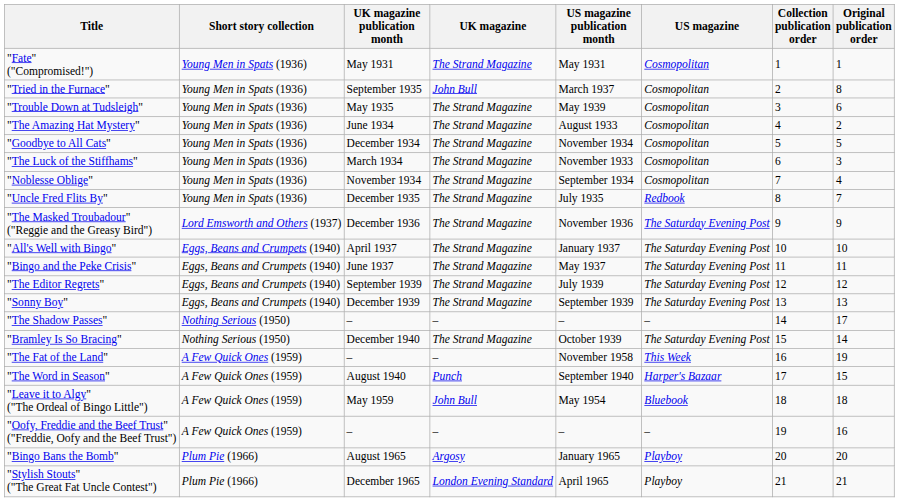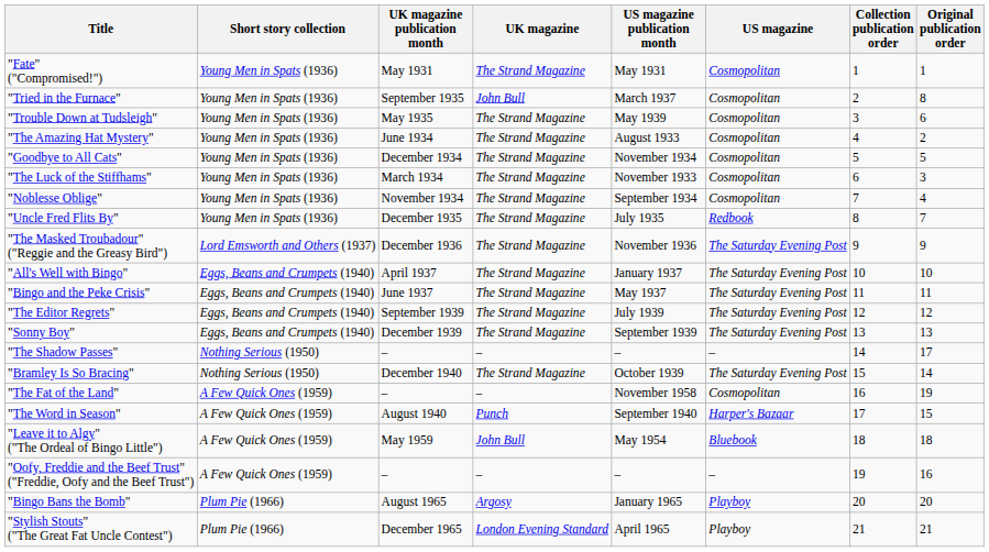 <table class="wikitable sortable">
 <tr>
 <th>Title</th>
 <th>Short story collection</th>
 <th style="width: 7em;">UK magazine publication month</th>
 <th>UK magazine</th>
 <th style="width: 7em;">US magazine publication month</th>
 <th>US magazine</th>
 <th style="width: 1em;">Collection publication order</th>
 <th style="width: 1em;">Original publication order</th>
 </tr>
 <tr>
 <td>"<a href='#'>Fate</a>"<br>("Compromised!")</td>
 <td data-sort-value="1936"><em><a href='#'>Young Men in Spats</a></em> (1936)</td>
 <td data-sort-value="1931-05">May 1931</td>
 <td data-sort-value="Strand"><em><a href='#'>The Strand Magazine</a></em></td>
 <td data-sort-value="1931-05">May 1931</td>
 <td><em><a href='#'>Cosmopolitan</a></em></td>
 <td>1</td>
 <td>1</td>
 </tr>
 <tr>
 <td>"<a href='#'>Tried in the Furnace</a>"</td>
 <td data-sort-value="1936"><em>Young Men in Spats</em> (1936)</td>
 <td data-sort-value="1935-09">September 1935</td>
 <td><em><a href='#'>John Bull</a></em></td>
 <td data-sort-value="1937-03">March 1937</td>
 <td><em>Cosmopolitan</em></td>
 <td>2</td>
 <td>8</td>
 </tr>
 <tr>
 <td>"<a href='#'>Trouble Down at Tudsleigh</a>"</td>
 <td data-sort-value="1936"><em>Young Men in Spats</em> (1936)</td>
 <td data-sort-value="1935-05">May 1935</td>
 <td data-sort-value="Strand"><em>The Strand Magazine</em></td>
 <td data-sort-value="1939-05">May 1939</td>
 <td><em>Cosmopolitan</em></td>
 <td>3</td>
 <td>6</td>
 </tr>
 <tr>
 <td>"<a href='#'>The Amazing Hat Mystery</a>"</td>
 <td data-sort-value="1936"><em>Young Men in Spats</em> (1936)</td>
 <td data-sort-value="1934-06">June 1934</td>
 <td data-sort-value="Strand"><em>The Strand Magazine</em></td>
 <td data-sort-value="1933-08">August 1933</td>
 <td><em>Cosmopolitan</em></td>
 <td>4</td>
 <td>2</td>
 </tr>
 <tr>
 <td>"<a href='#'>Goodbye to All Cats</a>"</td>
 <td data-sort-value="1936"><em>Young Men in Spats</em> (1936)</td>
 <td data-sort-value="1934-12">December 1934</td>
 <td data-sort-value="Strand"><em>The Strand Magazine</em></td>
 <td data-sort-value="1934-11">November 1934</td>
 <td><em>Cosmopolitan</em></td>
 <td>5</td>
 <td>5</td>
 </tr>
 <tr>
 <td>"<a href='#'>The Luck of the Stiffhams</a>"</td>
 <td data-sort-value="1936"><em>Young Men in Spats</em> (1936)</td>
 <td data-sort-value="1934-03">March 1934</td>
 <td data-sort-value="Strand"><em>The Strand Magazine</em></td>
 <td data-sort-value="1933-11">November 1933</td>
 <td><em>Cosmopolitan</em></td>
 <td>6</td>
 <td>3</td>
 </tr>
 <tr>
 <td>"<a href='#'>Noblesse Oblige</a>"</td>
 <td data-sort-value="1936"><em>Young Men in Spats</em> (1936)</td>
 <td data-sort-value="1934-11">November 1934</td>
 <td data-sort-value="Strand"><em>The Strand Magazine</em></td>
 <td data-sort-value="1934-09">September 1934</td>
 <td><em>Cosmopolitan</em></td>
 <td>7</td>
 <td>4</td>
 </tr>
 <tr>
 <td>"<a href='#'>Uncle Fred Flits By</a>"</td>
 <td data-sort-value="1936"><em>Young Men in Spats</em> (1936)</td>
 <td data-sort-value="1935-12">December 1935</td>
 <td data-sort-value="Strand"><em>The Strand Magazine</em></td>
 <td data-sort-value="1935-07">July 1935</td>
 <td><em><a href='#'>Redbook</a></em></td>
 <td>8</td>
 <td>7</td>
 </tr>
 <tr>
 <td>"<a href='#'>The Masked Troubadour</a>"<br>("Reggie and the Greasy Bird")</td>
 <td data-sort-value="1937"><em><a href='#'>Lord Emsworth and Others</a></em> (1937)</td>
 <td data-sort-value="1936-12">December 1936</td>
 <td data-sort-value="Strand"><em>The Strand Magazine</em></td>
 <td data-sort-value="1936-11">November 1936</td>
 <td data-sort-value="Saturday"><em><a href='#'>The Saturday Evening Post</a></em></td>
 <td>9</td>
 <td>9</td>
 </tr>
 <tr>
 <td>"<a href='#'>All's Well with Bingo</a>"</td>
 <td data-sort-value="1940"><em><a href='#'>Eggs, Beans and Crumpets</a></em> (1940)</td>
 <td data-sort-value="1937-04">April 1937</td>
 <td data-sort-value="Strand"><em>The Strand Magazine</em></td>
 <td data-sort-value="1937-01">January 1937</td>
 <td data-sort-value="Saturday"><em>The Saturday Evening Post</em></td>
 <td>10</td>
 <td>10</td>
 </tr>
 <tr>
 <td>"<a href='#'>Bingo and the Peke Crisis</a>"</td>
 <td data-sort-value="1940"><em>Eggs, Beans and Crumpets</em> (1940)</td>
 <td data-sort-value="1937-06">June 1937</td>
 <td data-sort-value="Strand"><em>The Strand Magazine</em></td>
 <td data-sort-value="1937-05">May 1937</td>
 <td data-sort-value="Saturday"><em>The Saturday Evening Post</em></td>
 <td>11</td>
 <td>11</td>
 </tr>
 <tr>
 <td>"<a href='#'>The Editor Regrets</a>"</td>
 <td data-sort-value="1940"><em>Eggs, Beans and Crumpets</em> (1940)</td>
 <td data-sort-value="1939-09">September 1939</td>
 <td data-sort-value="Strand"><em>The Strand Magazine</em></td>
 <td data-sort-value="1939-07">July 1939</td>
 <td data-sort-value="Saturday"><em>The Saturday Evening Post</em></td>
 <td>12</td>
 <td>12</td>
 </tr>
 <tr>
 <td>"<a href='#'>Sonny Boy</a>"</td>
 <td data-sort-value="1940"><em>Eggs, Beans and Crumpets</em> (1940)</td>
 <td data-sort-value="1939-12">December 1939</td>
 <td data-sort-value="Strand"><em>The Strand Magazine</em></td>
 <td data-sort-value="1939-09">September 1939</td>
 <td data-sort-value="Saturday"><em>The Saturday Evening Post</em></td>
 <td>13</td>
 <td>13</td>
 </tr>
 <tr>
 <td>"<a href='#'>The Shadow Passes</a>"</td>
 <td data-sort-value="1950"><em><a href='#'>Nothing Serious</a></em> (1950)</td>
 <td data-sort-value="9999">–</td>
 <td data-sort-value="zz">–</td>
 <td data-sort-value="9999">–</td>
 <td data-sort-value="zz">–</td>
 <td>14</td>
 <td>17</td>
 </tr>
 <tr>
 <td>"<a href='#'>Bramley Is So Bracing</a>"</td>
 <td data-sort-value="1950"><em>Nothing Serious</em> (1950)</td>
 <td data-sort-value="1940-12">December 1940</td>
 <td data-sort-value="Strand"><em>The Strand Magazine</em></td>
 <td data-sort-value="1939-10">October 1939</td>
 <td data-sort-value="Saturday"><em>The Saturday Evening Post</em></td>
 <td>15</td>
 <td>14</td>
 </tr>
 <tr>
 <td>"<a href='#'>The Fat of the Land</a>"</td>
 <td data-sort-value="1959"><em><a href='#'>A Few Quick Ones</a></em> (1959)</td>
 <td data-sort-value="9999">–</td>
 <td data-sort-value="zz">–</td>
 <td data-sort-value="1958-11">November 1958</td>
-<td><em><a href='#'>This Week</a></em></td>
+<td><em>Cosmopolitan</em></td>
 <td>16</td>
 <td>19</td>
 </tr>
 <tr>
 <td>"<a href='#'>The Word in Season</a>"</td>
 <td data-sort-value="1959"><em>A Few Quick Ones</em> (1959)</td>
 <td data-sort-value="1940-08">August 1940</td>
 <td><em><a href='#'>Punch</a></em></td>
 <td data-sort-value="1940-09">September 1940</td>
 <td><em><a href='#'>Harper's Bazaar</a></em></td>
 <td>17</td>
 <td>15</td>
 </tr>
 <tr>
 <td>"<a href='#'>Leave it to Algy</a>"<br>("The Ordeal of Bingo Little")</td>
 <td data-sort-value="1959"><em>A Few Quick Ones</em> (1959)</td>
 <td data-sort-value="1959-05">May 1959</td>
 <td><em><a href='#'>John Bull</a></em></td>
 <td data-sort-value="1954-05">May 1954</td>
 <td><em><a href='#'>Bluebook</a></em></td>
 <td>18</td>
 <td>18</td>
 </tr>
 <tr>
 <td>"<a href='#'>Oofy, Freddie and the Beef Trust</a>"<br>("Freddie, Oofy and the Beef Trust")</td>
 <td data-sort-value="1959"><em>A Few Quick Ones</em> (1959)</td>
 <td data-sort-value="9999">–</td>
 <td data-sort-value="zz">–</td>
 <td data-sort-value="9999">–</td>
 <td data-sort-value="zz">–</td>
 <td>19</td>
 <td>16</td>
 </tr>
 <tr>
 <td>"<a href='#'>Bingo Bans the Bomb</a>"</td>
 <td data-sort-value="1966"><em><a href='#'>Plum Pie</a></em> (1966)</td>
 <td data-sort-value="1965-08">August 1965</td>
 <td><em><a href='#'>Argosy</a></em></td>
 <td data-sort-value="1965-01">January 1965</td>
 <td><em><a href='#'>Playboy</a></em></td>
 <td>20</td>
 <td>20</td>
 </tr>
 <tr>
 <td>"<a href='#'>Stylish Stouts</a>"<br>("The Great Fat Uncle Contest")</td>
 <td data-sort-value="1966"><em>Plum Pie</em> (1966)</td>
 <td data-sort-value="1965-12">December 1965</td>
 <td><em><a href='#'>London Evening Standard</a></em></td>
 <td data-sort-value="1965-04">April 1965</td>
 <td><em>Playboy</em></td>
 <td>21</td>
 <td>21</td>
 </tr>
 </table>
